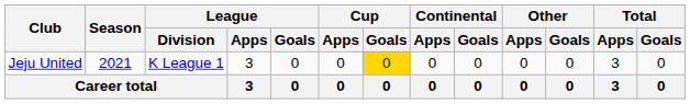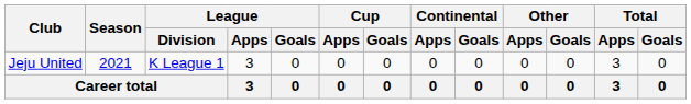 <table class="wikitable" style="text-align: center">
 <tr>
 <th rowspan="2">Club</th>
 <th rowspan="2">Season</th>
 <th colspan="3">League</th>
 <th colspan="2">Cup</th>
 <th colspan="2">Continental</th>
 <th colspan="2">Other</th>
 <th colspan="2">Total</th>
 </tr>
 <tr>
 <th>Division</th>
 <th>Apps</th>
 <th>Goals</th>
 <th>Apps</th>
 <th>Goals</th>
 <th>Apps</th>
 <th>Goals</th>
 <th>Apps</th>
 <th>Goals</th>
 <th>Apps</th>
 <th>Goals</th>
 </tr>
 <tr>
 <td><a href='#'>Jeju United</a></td>
 <td><a href='#'>2021</a></td>
 <td><a href='#'>K League 1</a></td>
 <td>3</td>
 <td>0</td>
 <td>0</td>
-<td style="background: gold;">0</td>
+<td>0</td>
 <td>0</td>
 <td>0</td>
 <td>0</td>
 <td>0</td>
 <td>3</td>
 <td>0</td>
 </tr>
 <tr>
 <th colspan=3>Career total</th>
 <th>3</th>
 <th>0</th>
 <th>0</th>
 <th>0</th>
 <th>0</th>
 <th>0</th>
 <th>0</th>
 <th>0</th>
 <th>3</th>
 <th>0</th>
 </tr>
 </table>
